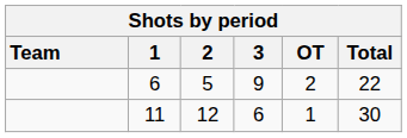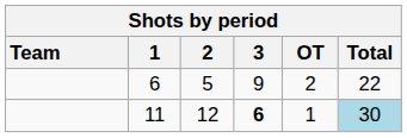 <table class="wikitable" style="width:20em; text-align:right;">
 <tr>
 <th colspan=6>Shots by period</th>
 </tr>
 <tr>
 <th style="width:8em; text-align:left;">Team</th>
 <th style="width:3em;">1</th>
 <th style="width:3em;">2</th>
 <th style="width:3em;">3</th>
 <th style="width:3em;">OT</th>
 <th style="width:3em;">Total</th>
 </tr>
 <tr>
 <td style="text-align:left;"></td>
 <td align=center>6</td>
 <td align=center>5</td>
 <td align=center>9</td>
 <td align=center>2</td>
 <td align=center>22</td>
 </tr>
 <tr>
 <td style="text-align:left;"></td>
 <td align=center>11</td>
 <td align=center>12</td>
-<td align=center>6</td>
+<td align=center><strong>6</strong></td>
 <td align=center>1</td>
-<td align=center>30</td>
+<td align=center style="background: lightblue;">30</td>
 </tr>
 </table>
